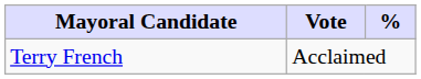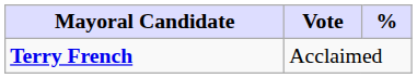 <table class="wikitable">
 <tr>
 <th style="background:#ddf; width:200px;">Mayoral Candidate</th>
 <th style="background:#ddf; width:50px;">Vote</th>
 <th style="background:#ddf; width:30px;">%</th>
 </tr>
 <tr>
-<td><a href='#'>Terry French</a></td>
+<td><strong><a href='#'>Terry French</a></strong></td>
 <td colspan="2">Acclaimed</td>
 </tr>
 </table>
